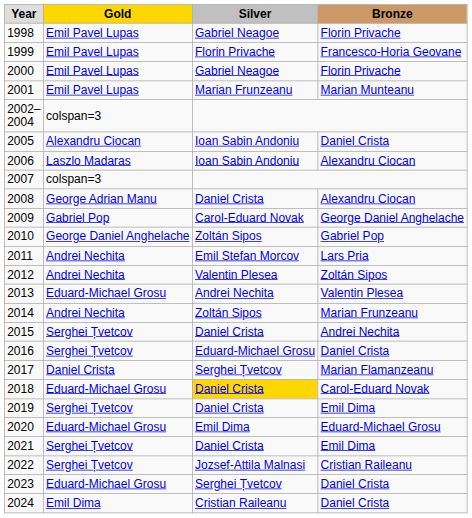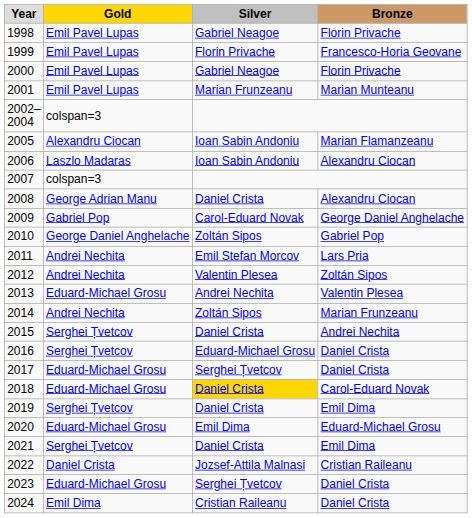 <table class="wikitable" style="text-align:left;">
 <tr>
 <td style="background:#DDDDDD; font-weight:bold; text-align:center;">Year</td>
 <td style="background:gold; font-weight:bold; text-align:center;">Gold</td>
 <td style="background:silver; font-weight:bold; text-align:center;">Silver</td>
 <td style="background:#cc9966; font-weight:bold; text-align:center;">Bronze</td>
 </tr>
 <tr>
 <td>1998</td>
 <td><a href='#'>Emil Pavel Lupas</a></td>
 <td><a href='#'>Gabriel Neagoe</a></td>
 <td><a href='#'>Florin Privache</a></td>
 </tr>
 <tr>
 <td>1999</td>
 <td><a href='#'>Emil Pavel Lupas</a></td>
 <td><a href='#'>Florin Privache</a></td>
 <td><a href='#'>Francesco-Horia Geovane</a></td>
 </tr>
 <tr>
 <td>2000</td>
 <td><a href='#'>Emil Pavel Lupas</a></td>
 <td><a href='#'>Gabriel Neagoe</a></td>
 <td><a href='#'>Florin Privache</a></td>
 </tr>
 <tr>
 <td>2001</td>
 <td><a href='#'>Emil Pavel Lupas</a></td>
 <td><a href='#'>Marian Frunzeanu</a></td>
 <td><a href='#'>Marian Munteanu</a></td>
 </tr>
 <tr>
 <td>2002–<br>2004</td>
 <td>colspan=3 </td>
 </tr>
 <tr>
 <td>2005</td>
 <td><a href='#'>Alexandru Ciocan</a></td>
 <td><a href='#'>Ioan Sabin Andoniu</a></td>
-<td><a href='#'>Daniel Crista</a></td>
+<td><a href='#'>Marian Flamanzeanu</a></td>
 </tr>
 <tr>
 <td>2006</td>
 <td><a href='#'>Laszlo Madaras</a></td>
 <td><a href='#'>Ioan Sabin Andoniu</a></td>
 <td><a href='#'>Alexandru Ciocan</a></td>
 </tr>
 <tr>
 <td>2007</td>
 <td>colspan=3 </td>
 </tr>
 <tr>
 <td>2008</td>
 <td><a href='#'>George Adrian Manu</a></td>
 <td><a href='#'>Daniel Crista</a></td>
 <td><a href='#'>Alexandru Ciocan</a></td>
 </tr>
 <tr>
 <td>2009</td>
 <td><a href='#'>Gabriel Pop</a></td>
 <td><a href='#'>Carol-Eduard Novak</a></td>
 <td><a href='#'>George Daniel Anghelache</a></td>
 </tr>
 <tr>
 <td>2010</td>
 <td><a href='#'>George Daniel Anghelache</a></td>
 <td><a href='#'>Zoltán Sipos</a></td>
 <td><a href='#'>Gabriel Pop</a></td>
 </tr>
 <tr>
 <td>2011</td>
 <td><a href='#'>Andrei Nechita</a></td>
 <td><a href='#'>Emil Stefan Morcov</a></td>
 <td><a href='#'>Lars Pria</a></td>
 </tr>
 <tr>
 <td>2012</td>
 <td><a href='#'>Andrei Nechita</a></td>
 <td><a href='#'>Valentin Plesea</a></td>
 <td><a href='#'>Zoltán Sipos</a></td>
 </tr>
 <tr>
 <td>2013</td>
 <td><a href='#'>Eduard-Michael Grosu</a></td>
 <td><a href='#'>Andrei Nechita</a></td>
 <td><a href='#'>Valentin Plesea</a></td>
 </tr>
 <tr>
 <td>2014</td>
 <td><a href='#'>Andrei Nechita</a></td>
 <td><a href='#'>Zoltán Sipos</a></td>
 <td><a href='#'>Marian Frunzeanu</a></td>
 </tr>
 <tr>
 <td>2015</td>
 <td><a href='#'>Serghei Țvetcov</a></td>
 <td><a href='#'>Daniel Crista</a></td>
 <td><a href='#'>Andrei Nechita</a></td>
 </tr>
 <tr>
 <td>2016</td>
 <td><a href='#'>Serghei Țvetcov</a></td>
 <td><a href='#'>Eduard-Michael Grosu</a></td>
 <td><a href='#'>Daniel Crista</a></td>
 </tr>
 <tr>
 <td>2017</td>
+<td><a href='#'>Eduard-Michael Grosu</a></td>
+<td><a href='#'>Serghei Țvetcov</a></td>
 <td><a href='#'>Daniel Crista</a></td>
-<td><a href='#'>Serghei Țvetcov</a></td>
-<td><a href='#'>Marian Flamanzeanu</a></td>
 </tr>
 <tr>
 <td>2018</td>
 <td><a href='#'>Eduard-Michael Grosu</a></td>
 <td style="background: gold;"><a href='#'>Daniel Crista</a></td>
 <td><a href='#'>Carol-Eduard Novak</a></td>
 </tr>
 <tr>
 <td>2019</td>
 <td><a href='#'>Serghei Țvetcov</a></td>
 <td><a href='#'>Daniel Crista</a></td>
 <td><a href='#'>Emil Dima</a></td>
 </tr>
 <tr>
 <td>2020</td>
 <td><a href='#'>Eduard-Michael Grosu</a></td>
 <td><a href='#'>Emil Dima</a></td>
 <td><a href='#'>Eduard-Michael Grosu</a></td>
 </tr>
 <tr>
 <td>2021</td>
 <td><a href='#'>Serghei Țvetcov</a></td>
 <td><a href='#'>Daniel Crista</a></td>
 <td><a href='#'>Emil Dima</a></td>
 </tr>
 <tr>
 <td>2022</td>
-<td><a href='#'>Serghei Țvetcov</a></td>
+<td><a href='#'>Daniel Crista</a></td>
 <td><a href='#'>Jozsef-Attila Malnasi</a></td>
 <td><a href='#'>Cristian Raileanu</a></td>
 </tr>
 <tr>
 <td>2023</td>
 <td><a href='#'>Eduard-Michael Grosu</a></td>
 <td><a href='#'>Serghei Țvetcov</a></td>
 <td><a href='#'>Daniel Crista</a></td>
 </tr>
 <tr>
 <td>2024</td>
 <td><a href='#'>Emil Dima</a></td>
 <td><a href='#'>Cristian Raileanu</a></td>
 <td><a href='#'>Daniel Crista</a></td>
 </tr>
 </table>
